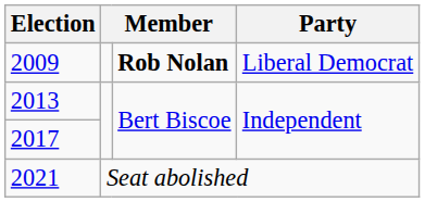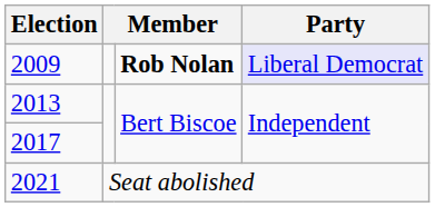 <table class="wikitable">
 <tr>
 <th>Election</th>
 <th colspan="2">Member</th>
 <th>Party</th>
 </tr>
 <tr>
 <td><a href='#'>2009</a></td>
 <td rowspan="1" style="background-color: "></td>
 <td rowspan="1"><strong>Rob Nolan</strong></td>
-<td rowspan="1"><a href='#'>Liberal Democrat</a></td>
+<td rowspan="1" style="background: lavender;"><a href='#'>Liberal Democrat</a></td>
 </tr>
 <tr>
 <td><a href='#'>2013</a></td>
 <td rowspan="2" style="background-color: "></td>
 <td rowspan="2"><a href='#'>Bert Biscoe</a></td>
 <td rowspan="2"><a href='#'>Independent</a></td>
 </tr>
 <tr>
 <td><a href='#'>2017</a></td>
 </tr>
 <tr>
 <td><a href='#'>2021</a></td>
 <td colspan="3"><em>Seat abolished</em></td>
 </tr>
 </table>
